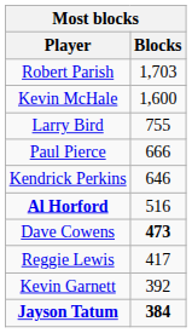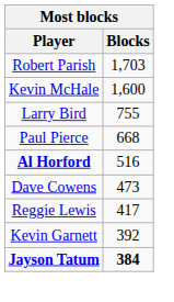 <table class="wikitable sortable" style="text-align:center">
 <tr>
 <th colspan="2" style="text-align:center; ">Most blocks</th>
 </tr>
 <tr>
 <th style="text-align:center; ">Player</th>
 <th style="text-align:center; ">Blocks</th>
 </tr>
 <tr>
 <td><a href='#'>Robert Parish</a></td>
 <td>1,703</td>
 </tr>
 <tr>
 <td><a href='#'>Kevin McHale</a></td>
 <td>1,600</td>
 </tr>
 <tr>
 <td><a href='#'>Larry Bird</a></td>
 <td>755</td>
 </tr>
 <tr>
 <td><a href='#'>Paul Pierce</a></td>
-<td>666</td>
-</tr>
-<tr>
-<td><a href='#'>Kendrick Perkins</a></td>
-<td>646</td>
+<td>668</td>
 </tr>
 <tr>
 <td><strong><a href='#'>Al Horford</a></strong></td>
 <td>516</td>
 </tr>
 <tr>
 <td><a href='#'>Dave Cowens</a></td>
-<td><strong>473</strong></td>
+<td>473</td>
 </tr>
 <tr>
 <td><a href='#'>Reggie Lewis</a></td>
 <td>417</td>
 </tr>
 <tr>
 <td><a href='#'>Kevin Garnett</a></td>
 <td>392</td>
 </tr>
 <tr>
 <td><strong><a href='#'>Jayson Tatum</a></strong></td>
 <td><strong>384</strong></td>
 </tr>
 </table>
